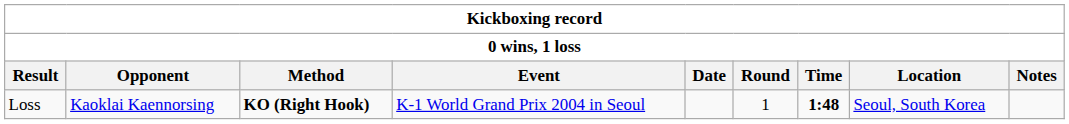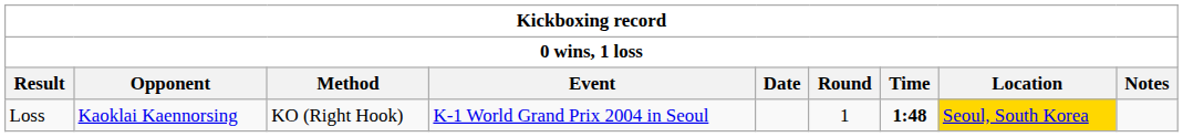 <table class="wikitable collapsible" style="font-size:88%; width:100%;">
 <tr>
 <th colspan=9 style="background:#fff">Kickboxing record</th>
 </tr>
 <tr>
 <td colspan=9 style="background:#fff; text-align:center;"><strong>0 wins, 1 loss</strong></td>
 </tr>
 <tr>
 <th>Result</th>
 <th>Opponent</th>
 <th>Method</th>
 <th>Event</th>
 <th>Date</th>
 <th>Round</th>
 <th>Time</th>
 <th>Location</th>
 <th>Notes</th>
 </tr>
 <tr>
 <td>Loss</td>
 <td> <a href='#'>Kaoklai Kaennorsing</a></td>
-<td><strong>KO (Right Hook)</strong></td>
+<td>KO (Right Hook)</td>
 <td><a href='#'>K-1 World Grand Prix 2004 in Seoul</a></td>
 <td></td>
 <td style="text-align:center;">1</td>
 <td style="text-align:center;"><strong>1:48</strong></td>
-<td><a href='#'>Seoul, South Korea</a></td>
+<td style="background: gold;"><a href='#'>Seoul, South Korea</a></td>
 <td></td>
 </tr>
 </table>
